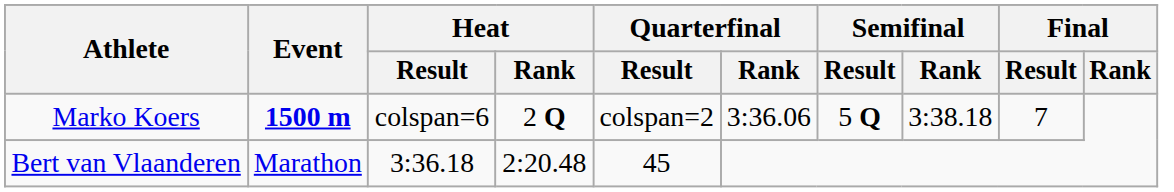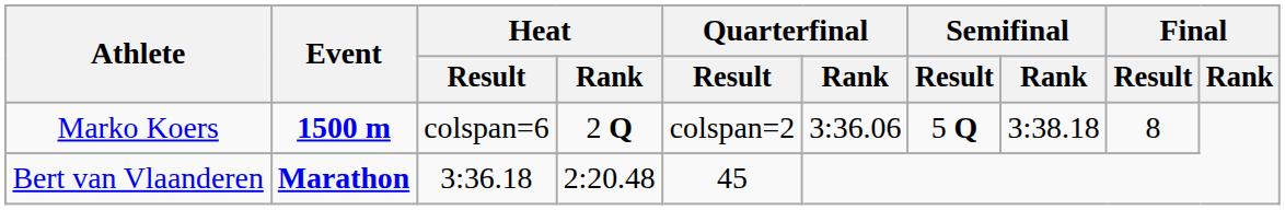 <table class="wikitable" style="font-size:90%">
 <tr>
 <th rowspan="2">Athlete</th>
 <th rowspan="2">Event</th>
 <th colspan="2">Heat</th>
 <th colspan="2">Quarterfinal</th>
 <th colspan="2">Semifinal</th>
 <th colspan="2">Final</th>
 </tr>
 <tr style="font-size:95%">
 <th>Result</th>
 <th>Rank</th>
 <th>Result</th>
 <th>Rank</th>
 <th>Result</th>
 <th>Rank</th>
 <th>Result</th>
 <th>Rank</th>
 </tr>
 <tr align=center>
 <td><a href='#'>Marko Koers</a></td>
 <td><strong><a href='#'>1500 m</a></strong></td>
 <td>colspan=6 </td>
 <td>2 <strong>Q</strong></td>
 <td>colspan=2 </td>
 <td>3:36.06</td>
 <td>5 <strong>Q</strong></td>
 <td>3:38.18</td>
-<td>7</td>
+<td>8</td>
 </tr>
 <tr align=center>
 <td><a href='#'>Bert van Vlaanderen</a></td>
-<td><a href='#'>Marathon</a></td>
+<td><strong><a href='#'>Marathon</a></strong></td>
 <td>3:36.18</td>
 <td>2:20.48</td>
 <td>45</td>
 </tr>
 </table>
